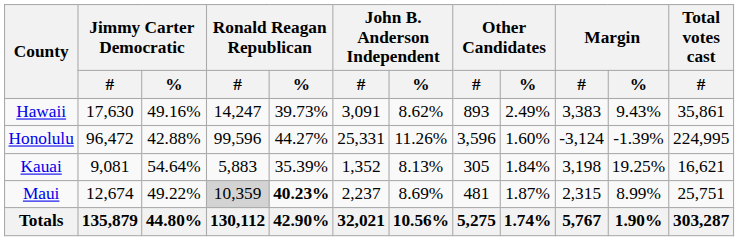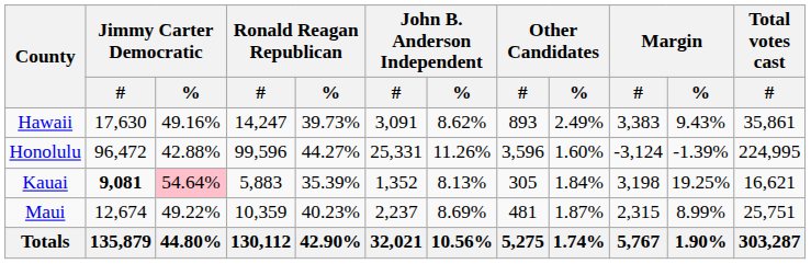 <table width="60%"  class="wikitable sortable" style="text-align:center">
 <tr>
 <th style="text-align:center;" rowspan="2">County</th>
 <th style="text-align:center;" colspan="2">Jimmy Carter<br>Democratic</th>
 <th style="text-align:center;" colspan="2">Ronald Reagan<br>Republican</th>
 <th style="text-align:center;" colspan="2">John B. Anderson<br>Independent</th>
 <th style="text-align:center;" colspan="2">Other Candidates<br></th>
 <th style="text-align:center;" colspan="2">Margin</th>
 <th style="text-align:center;" colspan="1">Total votes cast</th>
 </tr>
 <tr>
 <th style="text-align:center;" data-sort-type="number">#</th>
 <th style="text-align:center;" data-sort-type="number">%</th>
 <th style="text-align:center;" data-sort-type="number">#</th>
 <th style="text-align:center;" data-sort-type="number">%</th>
 <th style="text-align:center;" data-sort-type="number">#</th>
 <th style="text-align:center;" data-sort-type="number">%</th>
 <th style="text-align:center;" data-sort-type="number">#</th>
 <th style="text-align:center;" data-sort-type="number">%</th>
 <th style="text-align:center;" data-sort-type="number">#</th>
 <th style="text-align:center;" data-sort-type="number">%</th>
 <th style="text-align:center;" data-sort-type="number">#</th>
 </tr>
 <tr>
 <td align="center"  ><a href='#'>Hawaii</a></td>
 <td align="center"  >17,630</td>
 <td align="center"  >49.16%</td>
 <td align="center"  >14,247</td>
 <td align="center"  >39.73%</td>
 <td align="center"  >3,091</td>
 <td align="center"  >8.62%</td>
 <td align="center">893</td>
 <td align="center">2.49%</td>
 <td align="center"  >3,383</td>
 <td align="center"  >9.43%</td>
 <td align="center"  >35,861</td>
 </tr>
 <tr>
 <td align="center"  ><a href='#'>Honolulu</a></td>
 <td align="center"  >96,472</td>
 <td align="center"  >42.88%</td>
 <td align="center"  >99,596</td>
 <td align="center"  >44.27%</td>
 <td align="center"  >25,331</td>
 <td align="center"  >11.26%</td>
 <td align="center">3,596</td>
 <td align="center">1.60%</td>
 <td align="center"  >-3,124</td>
 <td align="center"  >-1.39%</td>
 <td align="center"  >224,995</td>
 </tr>
 <tr>
 <td align="center"  ><a href='#'>Kauai</a></td>
-<td align="center"  >9,081</td>
-<td align="center"  >54.64%</td>
+<td align="center"  ><strong>9,081</strong></td>
+<td align="center"   style="background: pink;">54.64%</td>
 <td align="center"  >5,883</td>
 <td align="center"  >35.39%</td>
 <td align="center"  >1,352</td>
 <td align="center"  >8.13%</td>
 <td align="center">305</td>
 <td align="center">1.84%</td>
 <td align="center"  >3,198</td>
 <td align="center"  >19.25%</td>
 <td align="center"  >16,621</td>
 </tr>
 <tr>
 <td align="center"  ><a href='#'>Maui</a></td>
 <td align="center"  >12,674</td>
 <td align="center"  >49.22%</td>
-<td align="center"   style="background: lightgrey;">10,359</td>
-<td align="center"  ><strong>40.23%</strong></td>
+<td align="center"  >10,359</td>
+<td align="center"  >40.23%</td>
 <td align="center"  >2,237</td>
 <td align="center"  >8.69%</td>
 <td align="center">481</td>
 <td align="center">1.87%</td>
 <td align="center"  >2,315</td>
 <td align="center"  >8.99%</td>
 <td align="center"  >25,751</td>
 </tr>
 <tr>
 <th>Totals</th>
 <th>135,879</th>
 <th>44.80%</th>
 <th>130,112</th>
 <th>42.90%</th>
 <th>32,021</th>
 <th>10.56%</th>
 <th>5,275</th>
 <th>1.74%</th>
 <th>5,767</th>
 <th>1.90%</th>
 <th>303,287</th>
 </tr>
 </table>
